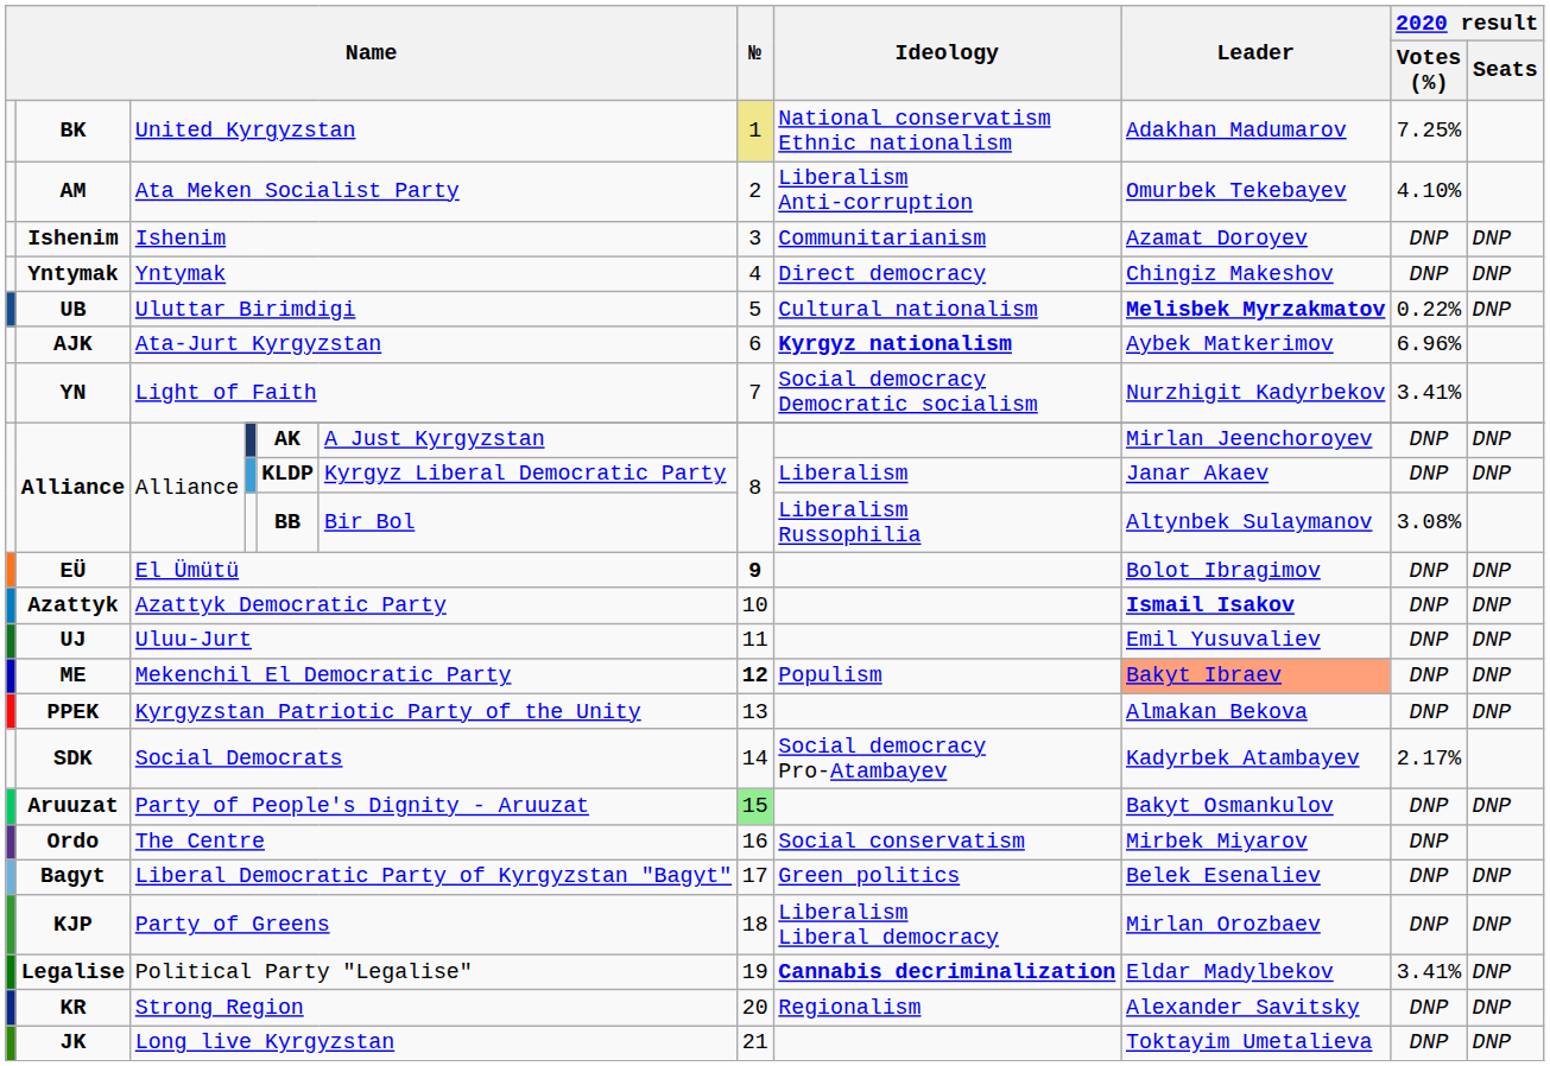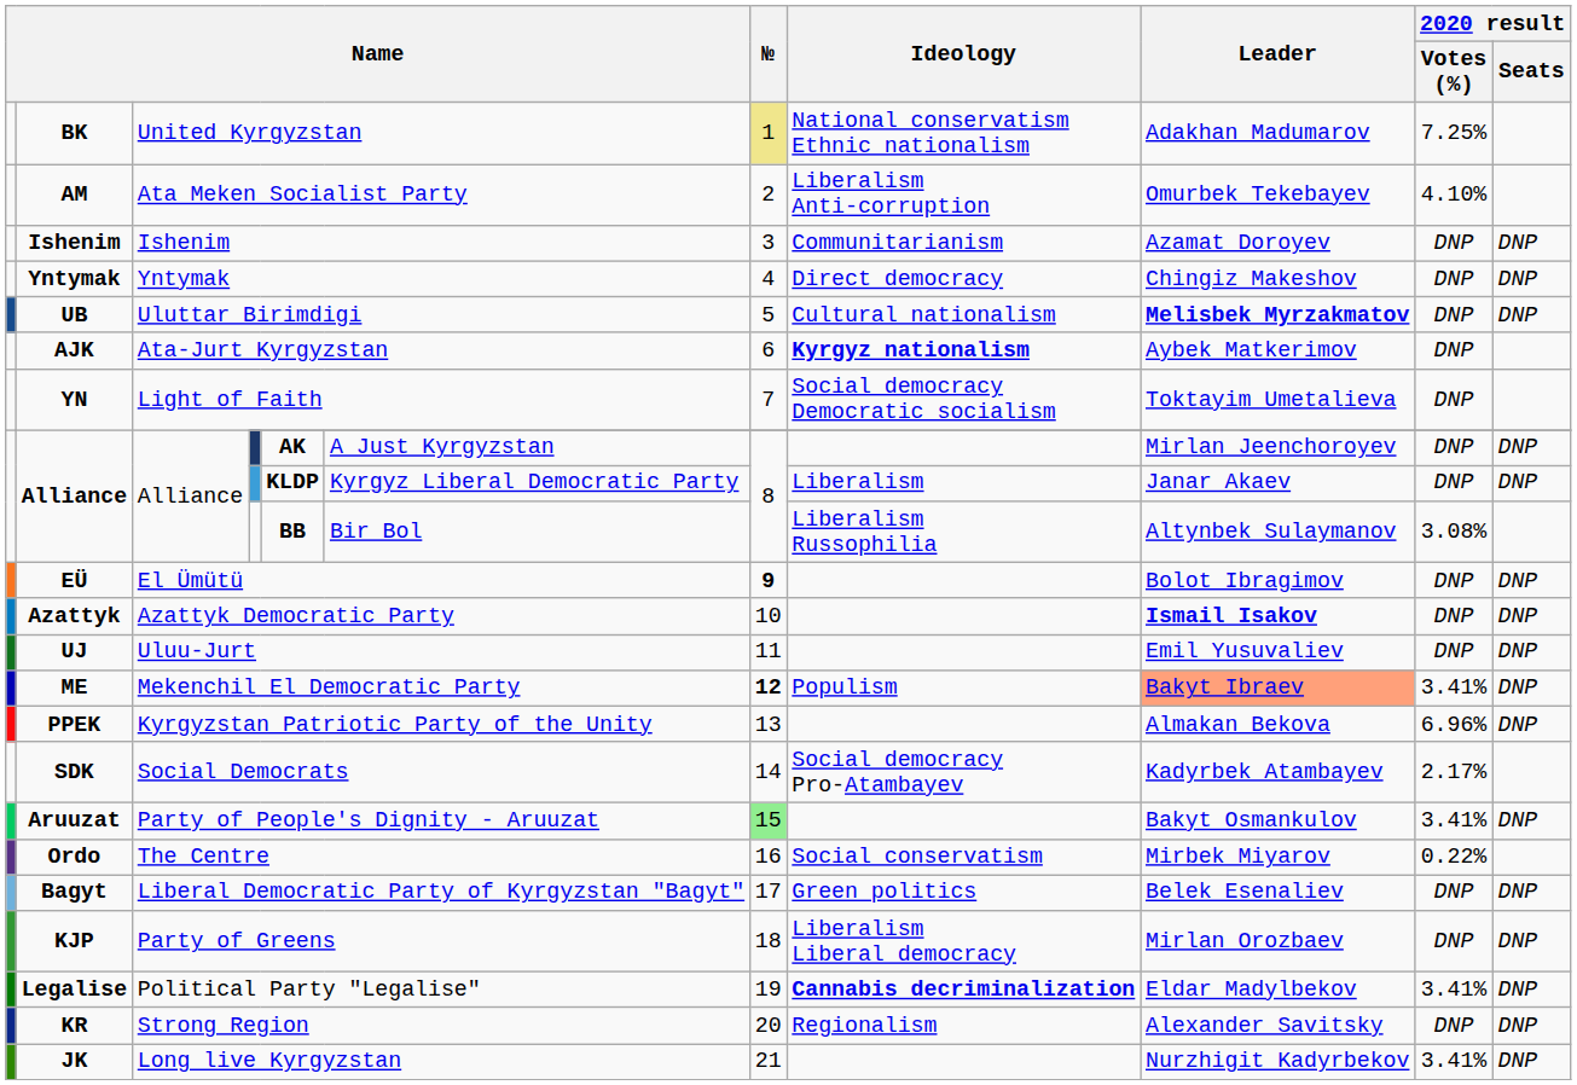 <table class="wikitable">
 <tr>
 <th rowspan="2" colspan="6">Name</th>
 <th rowspan="2">№</th>
 <th rowspan="2">Ideology</th>
 <th rowspan="2">Leader</th>
 <th colspan="2"><a href='#'>2020</a> result</th>
 </tr>
 <tr>
 <th>Votes<br>(%)</th>
 <th>Seats</th>
 </tr>
 <tr>
 <td style="color:inherit;background:"></td>
 <td style="text-align:center;"><strong>BK</strong></td>
 <td colspan="4"><a href='#'>United Kyrgyzstan</a><br></td>
 <td style="background: khaki; text-align:center;">1</td>
 <td><a href='#'>National conservatism</a><br><a href='#'>Ethnic nationalism</a></td>
 <td><a href='#'>Adakhan Madumarov</a></td>
 <td style="text-align:center;">7.25%</td>
 <td></td>
 </tr>
 <tr>
 <td style="color:inherit;background:"></td>
 <td style="text-align:center;"><strong>AM</strong></td>
 <td colspan="4"><a href='#'>Ata Meken Socialist Party</a><br></td>
 <td style="text-align:center;">2</td>
 <td><a href='#'>Liberalism</a><br><a href='#'>Anti-corruption</a></td>
 <td><a href='#'>Omurbek Tekebayev</a></td>
 <td style="text-align:center;">4.10%</td>
 <td></td>
 </tr>
 <tr>
 <td style="color:inherit;background:"></td>
 <td style="text-align:center;"><strong>Ishenim</strong></td>
 <td colspan="4"><a href='#'>Ishenim</a><br></td>
 <td style="text-align:center;">3</td>
 <td><a href='#'>Communitarianism</a></td>
 <td><a href='#'>Azamat Doroyev</a></td>
 <td style="text-align:center;"><em>DNP</em></td>
 <td><em>DNP</em></td>
 </tr>
 <tr>
 <td style="color:inherit;background:"></td>
 <td style="text-align:center;"><strong>Yntymak</strong></td>
 <td colspan="4"><a href='#'>Yntymak</a><br></td>
 <td style="text-align:center;">4</td>
 <td><a href='#'>Direct democracy</a></td>
 <td><a href='#'>Chingiz Makeshov</a></td>
 <td style="text-align:center;"><em>DNP</em></td>
 <td><em>DNP</em></td>
 </tr>
 <tr>
 <td style="color:inherit;background:#164B8D;"></td>
 <td style="text-align:center;"><strong>UB</strong></td>
 <td colspan="4"><a href='#'>Uluttar Birimdigi</a><br></td>
 <td style="text-align:center;">5</td>
 <td><a href='#'>Cultural nationalism</a></td>
 <td><strong><a href='#'>Melisbek Myrzakmatov</a></strong></td>
-<td style="text-align:center;">0.22%</td>
+<td style="text-align:center;"><em>DNP</em></td>
 <td><em>DNP</em></td>
 </tr>
 <tr>
 <td style="color:inherit;background:"></td>
 <td style="text-align:center;"><strong>AJK</strong></td>
 <td colspan="4"><a href='#'>Ata-Jurt Kyrgyzstan</a><br></td>
 <td style="text-align:center;">6</td>
 <td><strong><a href='#'>Kyrgyz nationalism</a></strong></td>
 <td><a href='#'>Aybek Matkerimov</a></td>
-<td style="text-align:center;">6.96%</td>
+<td style="text-align:center;"><em>DNP</em></td>
 <td></td>
 </tr>
 <tr>
 <td rowspan="1" style="color:inherit;background:"></td>
 <td style="text-align:center;"><strong>YN</strong></td>
 <td colspan="4"><a href='#'>Light of Faith</a><br></td>
 <td style="text-align:center;">7</td>
 <td><a href='#'>Social democracy</a><br><a href='#'>Democratic socialism</a></td>
-<td><a href='#'>Nurzhigit Kadyrbekov</a></td>
-<td style="text-align:center;">3.41%</td>
+<td><a href='#'>Toktayim Umetalieva</a></td>
+<td style="text-align:center;"><em>DNP</em></td>
 <td></td>
 </tr>
 <tr>
 <td rowspan="4" style="color:inherit;background:"></td>
 <td rowspan="4" align=center><strong>Alliance</strong></td>
 <td rowspan="4">Alliance<br></td>
 </tr>
 <tr>
 <td rowspan="1" style="background:#1D3869;"></td>
 <td style="text-align:center;"><strong>AK</strong></td>
 <td><a href='#'>A Just Kyrgyzstan</a><br></td>
 <td rowspan="3" style="text-align:center;">8</td>
 <td></td>
 <td><a href='#'>Mirlan Jeenchoroyev</a></td>
 <td style="text-align:center;"><em>DNP</em></td>
 <td><em>DNP</em></td>
 </tr>
 <tr>
 <td rowspan="1" style="background:#3B9ED8;"></td>
 <td style="text-align:center;"><strong>KLDP</strong></td>
 <td><a href='#'>Kyrgyz Liberal Democratic Party</a><br></td>
 <td><a href='#'>Liberalism</a></td>
 <td><a href='#'>Janar Akaev</a></td>
 <td style="text-align:center;"><em>DNP</em></td>
 <td><em>DNP</em></td>
 </tr>
 <tr>
 <td rowspan="1" style="color:inherit;background:"></td>
 <td style="text-align:center;"><strong>BB</strong></td>
 <td><a href='#'>Bir Bol</a><br></td>
 <td><a href='#'>Liberalism</a><br><a href='#'>Russophilia</a></td>
 <td><a href='#'>Altynbek Sulaymanov</a></td>
 <td style="text-align:center;">3.08%</td>
 <td></td>
 </tr>
 <tr>
 <td style="color:inherit;background:#FA741E;"></td>
 <td style="text-align:center;"><strong>EÜ</strong></td>
 <td colspan="4"><a href='#'>El Ümütü</a><br></td>
 <td style="text-align:center;"><strong>9</strong></td>
 <td></td>
 <td><a href='#'>Bolot Ibragimov</a></td>
 <td style="text-align:center;"><em>DNP</em></td>
 <td><em>DNP</em></td>
 </tr>
 <tr>
 <td style="color:inherit;background:#007CC2;"></td>
 <td style="text-align:center;"><strong>Azattyk</strong></td>
 <td colspan="4"><a href='#'>Azattyk Democratic Party</a><br></td>
 <td style="text-align:center;">10</td>
 <td></td>
 <td><strong><a href='#'>Ismail Isakov</a></strong></td>
 <td style="text-align:center;"><em>DNP</em></td>
 <td><em>DNP</em></td>
 </tr>
 <tr>
 <td style="color:inherit;background:#0F731D;"></td>
 <td style="text-align:center;"><strong>UJ</strong></td>
 <td colspan="4"><a href='#'>Uluu-Jurt</a><br></td>
 <td style="text-align:center;">11</td>
 <td></td>
 <td><a href='#'>Emil Yusuvaliev</a></td>
 <td style="text-align:center;"><em>DNP</em></td>
 <td><em>DNP</em></td>
 </tr>
 <tr>
 <td style="color:inherit;background:#0002B5;"></td>
 <td style="text-align:center;"><strong>ME</strong></td>
 <td colspan="4"><a href='#'>Mekenchil El Democratic Party</a><br></td>
 <td style="text-align:center;"><strong>12</strong></td>
 <td><a href='#'>Populism</a></td>
 <td style="background: lightsalmon;"><a href='#'>Bakyt Ibraev</a></td>
-<td style="text-align:center;"><em>DNP</em></td>
+<td style="text-align:center;">3.41%</td>
 <td><em>DNP</em></td>
 </tr>
 <tr>
 <td style="color:inherit;background:#FC090B;"></td>
 <td style="text-align:center;"><strong>PPEK</strong></td>
 <td colspan="4"><a href='#'>Kyrgyzstan Patriotic Party of the Unity</a><br></td>
 <td style="text-align:center;">13</td>
 <td></td>
 <td><a href='#'>Almakan Bekova</a></td>
-<td style="text-align:center;"><em>DNP</em></td>
+<td style="text-align:center;">6.96%</td>
 <td><em>DNP</em></td>
 </tr>
 <tr>
 <td style="color:inherit;background:"></td>
 <td style="text-align:center;"><strong>SDK</strong></td>
 <td colspan="4"><a href='#'>Social Democrats</a><br></td>
 <td style="text-align:center;">14</td>
 <td><a href='#'>Social democracy</a><br>Pro-<a href='#'>Atambayev</a></td>
 <td><a href='#'>Kadyrbek Atambayev</a></td>
 <td style="text-align:center;">2.17%</td>
 <td></td>
 </tr>
 <tr>
 <td style="color:inherit;background:#00CB62;"></td>
 <td style="text-align:center;"><strong>Aruuzat</strong></td>
 <td colspan="4"><a href='#'>Party of People's Dignity - Aruuzat</a><br></td>
 <td style="background: lightgreen; text-align:center;">15</td>
 <td></td>
 <td><a href='#'>Bakyt Osmankulov</a></td>
-<td style="text-align:center;"><em>DNP</em></td>
+<td style="text-align:center;">3.41%</td>
 <td><em>DNP</em></td>
 </tr>
 <tr>
 <td style="color:inherit;background:#563085;"></td>
 <td style="text-align:center;"><strong>Ordo</strong></td>
 <td colspan="4"><a href='#'>The Centre</a><br></td>
 <td style="text-align:center;">16</td>
 <td><a href='#'>Social conservatism</a></td>
 <td><a href='#'>Mirbek Miyarov</a></td>
-<td style="text-align:center;"><em>DNP</em></td>
+<td style="text-align:center;">0.22%</td>
 <td></td>
 </tr>
 <tr>
 <td style="color:inherit;background:#6EB1DC;"></td>
 <td style="text-align:center;"><strong>Bagyt</strong></td>
 <td colspan="4"><a href='#'>Liberal Democratic Party of Kyrgyzstan "Bagyt"</a><br></td>
 <td style="text-align:center;">17</td>
 <td><a href='#'>Green politics</a></td>
 <td><a href='#'>Belek Esenaliev</a></td>
 <td style="text-align:center;"><em>DNP</em></td>
 <td><em>DNP</em></td>
 </tr>
 <tr>
 <td style="color:inherit;background:#319833;"></td>
 <td style="text-align:center;"><strong>KJP</strong></td>
 <td colspan="4"><a href='#'>Party of Greens</a><br></td>
 <td style="text-align:center;">18</td>
 <td><a href='#'>Liberalism</a><br><a href='#'>Liberal democracy</a></td>
 <td><a href='#'>Mirlan Orozbaev</a></td>
 <td style="text-align:center;"><em>DNP</em></td>
 <td><em>DNP</em></td>
 </tr>
 <tr>
 <td style="color:inherit;background:#007A03;"></td>
 <td style="text-align:center;"><strong>Legalise</strong></td>
 <td colspan="4">Political Party "Legalise"<br></td>
 <td style="text-align:center;">19</td>
 <td><strong><a href='#'>Cannabis decriminalization</a></strong></td>
 <td><a href='#'>Eldar Madylbekov</a></td>
 <td style="text-align:center;">3.41%</td>
 <td><em>DNP</em></td>
 </tr>
 <tr>
 <td style="color:inherit;background:#0A268A;"></td>
 <td style="text-align:center;"><strong>KR</strong></td>
 <td colspan="4"><a href='#'>Strong Region</a><br></td>
 <td style="text-align:center;">20</td>
 <td><a href='#'>Regionalism</a></td>
 <td><a href='#'>Alexander Savitsky</a></td>
 <td style="text-align:center;"><em>DNP</em></td>
 <td><em>DNP</em></td>
 </tr>
 <tr>
 <td style="color:inherit;background:#2D8701;"></td>
 <td style="text-align:center;"><strong>JK</strong></td>
 <td colspan="4"><a href='#'>Long live Kyrgyzstan</a><br></td>
 <td style="text-align:center;">21</td>
 <td></td>
-<td><a href='#'>Toktayim Umetalieva</a></td>
-<td style="text-align:center;"><em>DNP</em></td>
+<td><a href='#'>Nurzhigit Kadyrbekov</a></td>
+<td style="text-align:center;">3.41%</td>
 <td><em>DNP</em></td>
 </tr>
 <tr>
 </tr>
 </table>
